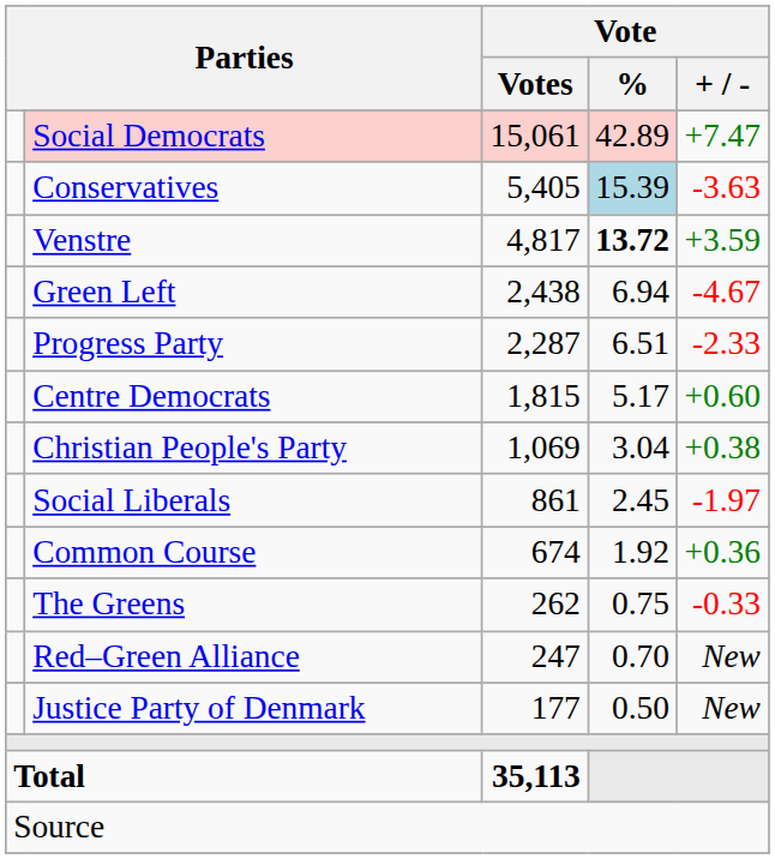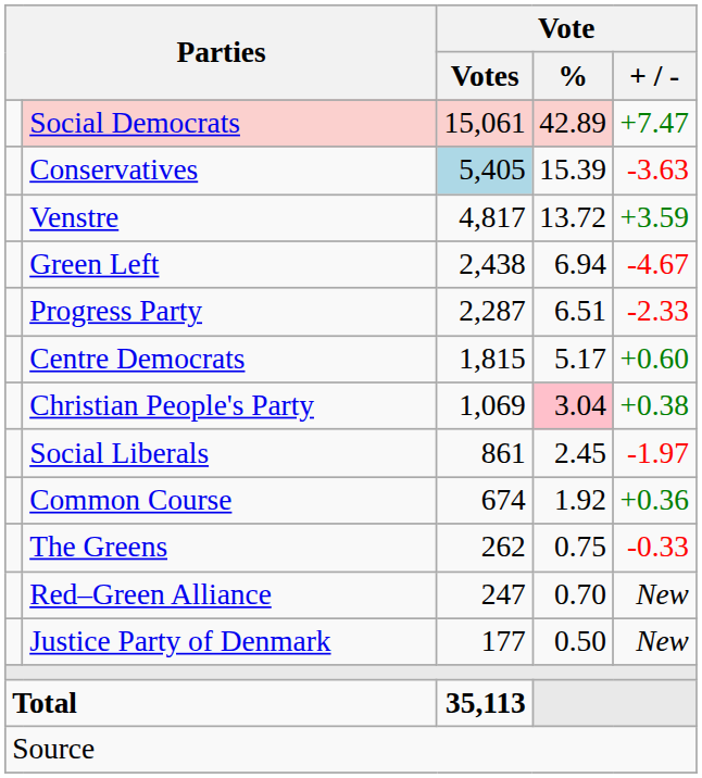 <table class="wikitable" style="text-align:right;">
 <tr>
 <th style="text-align:centre;" rowspan="2" colspan="2" width="225">Parties</th>
 <th colspan="3">Vote</th>
 </tr>
 <tr>
 <th width="15">Votes</th>
 <th width="15">%</th>
 <th width="15">+ / -</th>
 </tr>
 <tr>
 <td width="2" style="color:inherit;background:"></td>
 <td bgcolor=#fbd0ce  align="left"><a href='#'>Social Democrats</a></td>
 <td bgcolor=#fbd0ce>15,061</td>
 <td bgcolor=#fbd0ce>42.89</td>
 <td style=color:green;>+7.47</td>
 </tr>
 <tr>
 <td width="2" style="color:inherit;background:"></td>
 <td align="left"><a href='#'>Conservatives</a></td>
-<td>5,405</td>
-<td style="background: lightblue;">15.39</td>
+<td style="background: lightblue;">5,405</td>
+<td>15.39</td>
 <td style=color:red;>-3.63</td>
 </tr>
 <tr>
 <td width="2" style="color:inherit;background:"></td>
 <td align="left"><a href='#'>Venstre</a></td>
 <td>4,817</td>
-<td><strong>13.72</strong></td>
+<td>13.72</td>
 <td style=color:green;>+3.59</td>
 </tr>
 <tr>
 <td width="2" style="color:inherit;background:"></td>
 <td align="left"><a href='#'>Green Left</a></td>
 <td>2,438</td>
 <td>6.94</td>
 <td style=color:red;>-4.67</td>
 </tr>
 <tr>
 <td width="2" style="color:inherit;background:"></td>
 <td align="left"><a href='#'>Progress Party</a></td>
 <td>2,287</td>
 <td>6.51</td>
 <td style=color:red;>-2.33</td>
 </tr>
 <tr>
 <td width="2" style="color:inherit;background:"></td>
 <td align="left"><a href='#'>Centre Democrats</a></td>
 <td>1,815</td>
 <td>5.17</td>
 <td style=color:green;>+0.60</td>
 </tr>
 <tr>
 <td width="2" style="color:inherit;background:"></td>
 <td align="left"><a href='#'>Christian People's Party</a></td>
 <td>1,069</td>
-<td>3.04</td>
+<td style="background: pink;">3.04</td>
 <td style=color:green;>+0.38</td>
 </tr>
 <tr>
 <td width="2" style="color:inherit;background:"></td>
 <td align="left"><a href='#'>Social Liberals</a></td>
 <td>861</td>
 <td>2.45</td>
 <td style=color:red;>-1.97</td>
 </tr>
 <tr>
 <td width="2" style="color:inherit;background:"></td>
 <td align="left"><a href='#'>Common Course</a></td>
 <td>674</td>
 <td>1.92</td>
 <td style=color:green;>+0.36</td>
 </tr>
 <tr>
 <td width="2" style="color:inherit;background:"></td>
 <td align="left"><a href='#'>The Greens</a></td>
 <td>262</td>
 <td>0.75</td>
 <td style=color:red;>-0.33</td>
 </tr>
 <tr>
 <td width="2" style="color:inherit;background:"></td>
 <td align="left"><a href='#'>Red–Green Alliance</a></td>
 <td>247</td>
 <td>0.70</td>
 <td><em>New</em></td>
 </tr>
 <tr>
 <td width="2" style="color:inherit;background:"></td>
 <td align="left"><a href='#'>Justice Party of Denmark</a></td>
 <td>177</td>
 <td>0.50</td>
 <td><em>New</em></td>
 </tr>
 <tr>
 <td colspan="7" bgcolor="#E9E9E9"></td>
 </tr>
 <tr>
 <td align="left" colspan="2"><strong>Total</strong></td>
 <td><strong>35,113</strong></td>
 <td bgcolor="#E9E9E9" colspan="2"></td>
 </tr>
 <tr>
 <td align="left" colspan="6">Source</td>
 </tr>
 </table>
